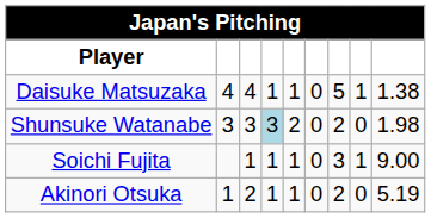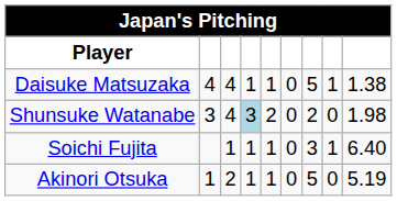 <table class="wikitable sortable" style="text-align:center;">
 <tr>
 <th colspan=10 style="background: #000000; color: #FFFFFF;"> Japan's Pitching</th>
 </tr>
 <tr>
 <th style="background-color: #FFFFFF; color: #000000;">Player</th>
 <th style="background-color: #FFFFFF; color: #000000;"></th>
 <th style="background-color: #FFFFFF; color: #000000;"></th>
 <th style="background-color: #FFFFFF; color: #000000;"></th>
 <th style="background-color: #FFFFFF; color: #000000;"></th>
 <th style="background-color: #FFFFFF; color: #000000;"></th>
 <th style="background-color: #FFFFFF; color: #000000;"></th>
 <th style="background-color: #FFFFFF; color: #000000;"></th>
 <th style="background-color: #FFFFFF; color: #000000;"></th>
 </tr>
 <tr>
 <td><a href='#'>Daisuke Matsuzaka</a></td>
 <td>4</td>
 <td>4</td>
 <td>1</td>
 <td>1</td>
 <td>0</td>
 <td>5</td>
 <td>1</td>
 <td>1.38</td>
 </tr>
 <tr>
 <td><a href='#'>Shunsuke Watanabe</a></td>
 <td>3</td>
-<td>3</td>
+<td>4</td>
 <td style="background: lightblue;">3</td>
 <td>2</td>
 <td>0</td>
 <td>2</td>
 <td>0</td>
 <td>1.98</td>
 </tr>
 <tr>
 <td><a href='#'>Soichi Fujita</a></td>
 <td></td>
 <td>1</td>
 <td>1</td>
 <td>1</td>
 <td>0</td>
 <td>3</td>
 <td>1</td>
-<td>9.00</td>
+<td>6.40</td>
 </tr>
 <tr>
 <td><a href='#'>Akinori Otsuka</a></td>
 <td>1</td>
 <td>2</td>
 <td>1</td>
 <td>1</td>
 <td>0</td>
-<td>2</td>
+<td>5</td>
 <td>0</td>
 <td>5.19</td>
 </tr>
 </table>
